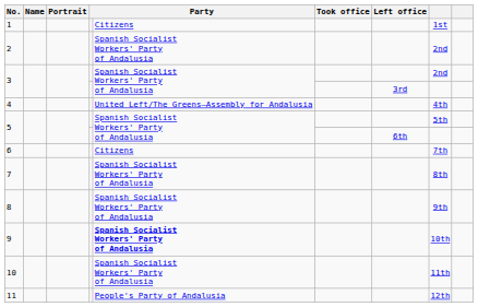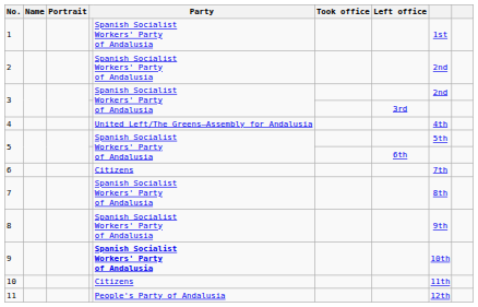 <table class="wikitable plainrowheaders sortable" style="font-size:90%; text-align:left;">
 <tr>
 <th scope=col>No.</th>
 <th scope=col>Name</th>
 <th scope=col class=unsortable>Portrait</th>
 <th scope=col colspan="2">Party</th>
 <th scope=col>Took office</th>
 <th scope=col>Left office</th>
 <th scope=col></th>
 <th scope=col width=25px class=unsortable></th>
 </tr>
 <tr>
 <td>1</td>
 <td style="white-space: nowrap;"></td>
 <td align=center></td>
 <td !align="center" style="background:"></td>
-<td><a href='#'>Citizens</a></td>
+<td><a href='#'>Spanish Socialist<br>Workers' Party<br>of Andalusia</a></td>
 <td align=center></td>
 <td align=center></td>
 <td align=center><a href='#'>1st</a></td>
 <td align=center></td>
 </tr>
 <tr>
 <td>2</td>
 <td style="white-space: nowrap;"></td>
 <td align=center></td>
 <td !align="center" style="background:"></td>
 <td><a href='#'>Spanish Socialist<br>Workers' Party<br>of Andalusia</a></td>
 <td align=center></td>
 <td align=center></td>
 <td align=center><a href='#'>2nd</a></td>
 <td align=center></td>
 </tr>
 <tr>
 <td rowspan=2>3</td>
 <td style="white-space: nowrap;" rowspan=2></td>
 <td align=center rowspan=2></td>
 <td !align="center" style="background:"></td>
 <td rowspan=2><a href='#'>Spanish Socialist<br>Workers' Party<br>of Andalusia</a></td>
 <td align=center></td>
 <td align=center></td>
 <td align=center><a href='#'>2nd</a></td>
 <td align=center></td>
 </tr>
 <tr>
 <td align=center></td>
 <td align=center></td>
 <td align=center><a href='#'>3rd</a></td>
 <td align=center></td>
 </tr>
 <tr>
 <td>4</td>
 <td style="white-space: nowrap;"></td>
 <td align=center></td>
 <td !align="center" style="background:"></td>
 <td><a href='#'>United Left/The Greens–Assembly for Andalusia</a></td>
 <td align=center></td>
 <td align=center></td>
 <td align=center><a href='#'>4th</a></td>
 <td align=center></td>
 </tr>
 <tr>
 <td rowspan=2>5</td>
 <td style="white-space: nowrap;" rowspan=2></td>
 <td align=center rowspan=2></td>
 <td !align="center" style="background:"></td>
 <td rowspan=2><a href='#'>Spanish Socialist<br>Workers' Party<br>of Andalusia</a></td>
 <td align=center></td>
 <td align=center></td>
 <td align=center><a href='#'>5th</a></td>
 <td align=center></td>
 </tr>
 <tr>
 <td align=center></td>
 <td align=center></td>
 <td align=center><a href='#'>6th</a></td>
 <td align=center></td>
 </tr>
 <tr>
 <td>6</td>
 <td style="white-space: nowrap;"></td>
 <td align=center></td>
 <td !align="center" style="background:"></td>
 <td><a href='#'>Citizens</a></td>
 <td align=center></td>
 <td align=center></td>
 <td align=center><a href='#'>7th</a></td>
 <td align=center></td>
 </tr>
 <tr>
 <td>7</td>
 <td style="white-space: nowrap;"></td>
 <td align=center></td>
 <td !align="center" style="background:"></td>
 <td><a href='#'>Spanish Socialist<br>Workers' Party<br>of Andalusia</a></td>
 <td align=center></td>
 <td align=center></td>
 <td align=center><a href='#'>8th</a></td>
 <td align=center></td>
 </tr>
 <tr>
 <td>8</td>
 <td style="white-space: nowrap;"></td>
 <td align=center></td>
 <td !align="center" style="background:"></td>
 <td><a href='#'>Spanish Socialist<br>Workers' Party<br>of Andalusia</a></td>
 <td align=center></td>
 <td align=center></td>
 <td align=center><a href='#'>9th</a></td>
 <td align=center></td>
 </tr>
 <tr>
 <td>9</td>
 <td style="white-space: nowrap;"></td>
 <td align=center></td>
 <td !align="center" style="background:"></td>
 <td><strong><a href='#'>Spanish Socialist<br>Workers' Party<br>of Andalusia</a></strong></td>
 <td align=center></td>
 <td align=center></td>
 <td align=center><a href='#'>10th</a></td>
 <td align=center></td>
 </tr>
 <tr>
 <td>10</td>
 <td style="white-space: nowrap;"></td>
 <td align=center></td>
 <td !align="center" style="background:"></td>
-<td><a href='#'>Spanish Socialist<br>Workers' Party<br>of Andalusia</a></td>
+<td><a href='#'>Citizens</a></td>
 <td align=center></td>
 <td align=center></td>
 <td align=center><a href='#'>11th</a></td>
 <td align=center></td>
 </tr>
 <tr>
 <td>11</td>
 <td style="white-space: nowrap;"></td>
 <td align=center></td>
 <td !align="center" style="background:"></td>
 <td><a href='#'>People's Party of Andalusia</a></td>
 <td align=center></td>
 <td></td>
 <td align=center><a href='#'>12th</a></td>
 <td align=center></td>
 </tr>
 </table>
